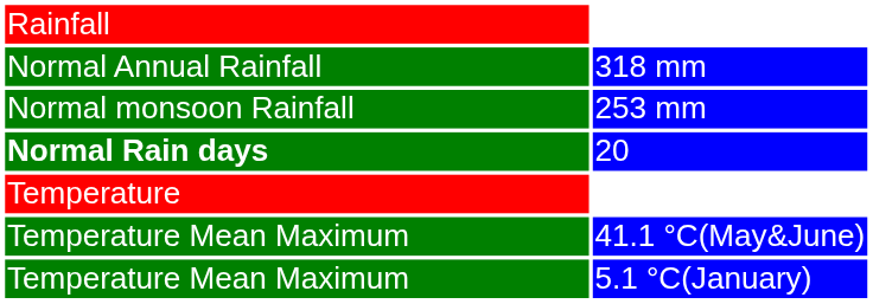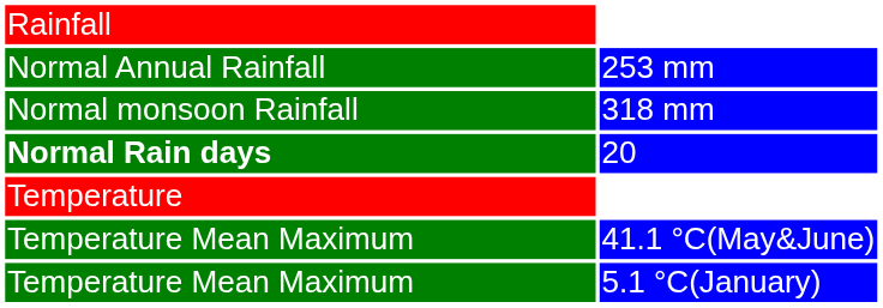 <table style="color:white">
 <tr>
 <td bgcolor="red">Rainfall</td>
 </tr>
 <tr>
 <td width="300" bgcolor="green">Normal Annual Rainfall</td>
-<td bgcolor="blue">318 mm</td>
+<td bgcolor="blue">253 mm</td>
 </tr>
 <tr>
 <td width="300" bgcolor="green">Normal monsoon Rainfall</td>
-<td bgcolor="blue">253 mm</td>
+<td bgcolor="blue">318 mm</td>
 </tr>
 <tr>
 <td width="300" bgcolor="green"><strong>Normal Rain days</strong></td>
 <td bgcolor="blue">20</td>
 </tr>
 <tr>
 <td bgcolor="red">Temperature</td>
 </tr>
 <tr>
 <td width="300" bgcolor="green">Temperature Mean Maximum</td>
 <td bgcolor="blue">41.1 °C(May&June)</td>
 </tr>
 <tr>
 <td width="300" bgcolor="green">Temperature Mean Maximum</td>
 <td bgcolor="blue">5.1 °C(January)</td>
 </tr>
 </table>
